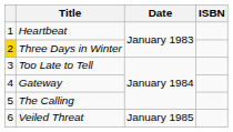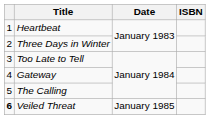 <table class="wikitable">
 <tr>
 <th></th>
 <th>Title</th>
 <th>Date</th>
 <th>ISBN</th>
 </tr>
 <tr>
 <td>1</td>
 <td><em>Heartbeat</em></td>
 <td rowspan="2">January 1983</td>
 <td></td>
 </tr>
 <tr>
-<td style="background: gold;">2</td>
+<td>2</td>
 <td><em>Three Days in Winter</em></td>
 <td></td>
 </tr>
 <tr>
 <td>3</td>
 <td><em>Too Late to Tell</em></td>
 <td rowspan="3">January 1984</td>
 <td></td>
 </tr>
 <tr>
 <td>4</td>
 <td><em>Gateway</em></td>
 <td></td>
 </tr>
 <tr>
 <td>5</td>
 <td><em>The Calling</em></td>
 <td></td>
 </tr>
 <tr>
-<td>6</td>
+<td><strong>6</strong></td>
 <td><em>Veiled Threat</em></td>
 <td>January 1985</td>
 <td></td>
 </tr>
 </table>
